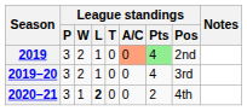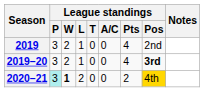 <table class="wikitable sortable">
 <tr>
 <th scope="col" rowspan="2">Season</th>
 <th scope="col" colspan="7">League standings</th>
 <th scope="col" rowspan="2">Notes</th>
 </tr>
 <tr>
 <th scope="col">P</th>
 <th scope="col">W</th>
 <th scope="col">L</th>
 <th scope="col">T</th>
 <th scope="col">A/C</th>
 <th scope="col">Pts</th>
 <th scope="col">Pos</th>
 </tr>
 <tr>
 <th scope="row"><a href='#'>2019</a></th>
 <td>3</td>
 <td>2</td>
 <td>1</td>
 <td>0</td>
-<td style="background: lightsalmon;">0</td>
-<td style="background: lightgreen;">4</td>
+<td>0</td>
+<td>4</td>
 <td>2nd</td>
 <td style="background: white;"></td>
 </tr>
 <tr>
 <th scope="row"><a href='#'>2019–20</a></th>
 <td>3</td>
 <td>2</td>
 <td>1</td>
 <td>0</td>
 <td>0</td>
 <td>4</td>
-<td>3rd</td>
+<td><strong>3rd</strong></td>
 <td style="background: white;"></td>
 </tr>
 <tr>
 <th scope="row"><a href='#'>2020–21</a></th>
-<td>3</td>
-<td>1</td>
-<td><strong>2</strong></td>
+<td style="background: paleturquoise;">3</td>
+<td><strong>1</strong></td>
+<td>2</td>
 <td>0</td>
 <td>0</td>
 <td>2</td>
-<td>4th</td>
+<td style="background: gold;">4th</td>
 <td style="background: white;"></td>
 </tr>
 </table>
